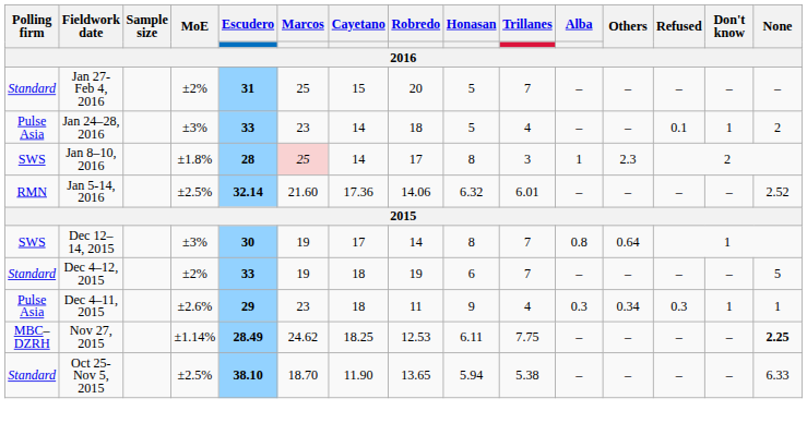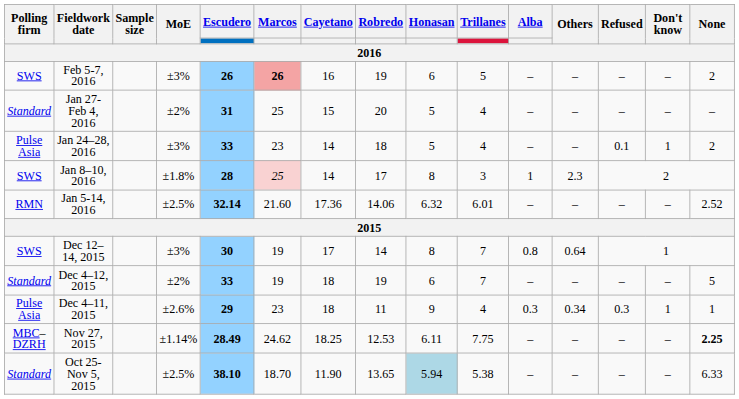 <table class="wikitable" style="text-align:center;font-size:90%;line-height:14px;">
 <tr style="height:40px;">
 <th rowspan="2">Polling firm</th>
 <th rowspan="2">Fieldwork date</th>
 <th rowspan="2">Sample size</th>
 <th rowspan="2"><abbr>MoE</abbr></th>
 <th style="width:50px;"><a href='#'>Escudero</a><br></th>
 <th style="width:50px;"><a href='#'>Marcos</a><br></th>
 <th style="width:50px;"><a href='#'>Cayetano</a><br></th>
 <th style="width:50px;"><a href='#'>Robredo</a><br></th>
 <th style="width:50px;"><a href='#'>Honasan</a><br></th>
 <th style="width:50px;"><a href='#'>Trillanes</a><br></th>
 <th style="width:50px;"><a href='#'>Alba</a><br></th>
 <th rowspan="2" style="width:50px;">Others</th>
 <th rowspan="2" style="width:50px;">Refused</th>
 <th rowspan="2" style="width:50px;">Don't know</th>
 <th rowspan="2" style="width:50px;">None</th>
 </tr>
 <tr>
 <th style="background:#0070C0;"></th>
 <th style="background:"></th>
 <th style="background:"></th>
 <th style="background:"></th>
 <th style="background:"></th>
 <th style="background:#DC143C;"></th>
 <th style="background:"></th>
 </tr>
 <tr>
 <th colspan="15">2016</th>
 </tr>
 <tr>
+<td><a href='#'>SWS</a></td>
+<td>Feb 5-7, 2016</td>
+<td></td>
+<td>±3%</td>
+<td style="background:#93d2ff;"><strong>26</strong></td>
+<td style="background:#f4a4a4;"><strong>26</strong></td>
+<td>16</td>
+<td>19</td>
+<td>6</td>
+<td>5</td>
+<td>–</td>
+<td>–</td>
+<td>–</td>
+<td>–</td>
+<td>2</td>
+</tr>
+<tr>
 <td><em><a href='#'>Standard</a></em></td>
 <td>Jan 27-Feb 4, 2016</td>
 <td></td>
 <td>±2%</td>
 <td style="background:#93d2ff;"><strong>31</strong></td>
 <td>25</td>
 <td>15</td>
 <td>20</td>
 <td>5</td>
-<td>7</td>
+<td>4</td>
 <td>–</td>
 <td>–</td>
 <td>–</td>
 <td>–</td>
 <td>–</td>
 </tr>
 <tr>
 <td><a href='#'>Pulse Asia</a></td>
 <td>Jan 24–28, 2016</td>
 <td></td>
 <td>±3%</td>
 <td style="background:#93d2ff;"><strong>33</strong></td>
 <td>23</td>
 <td>14</td>
 <td>18</td>
 <td>5</td>
 <td>4</td>
 <td>–</td>
 <td>–</td>
 <td>0.1</td>
 <td>1</td>
 <td>2</td>
 </tr>
 <tr>
 <td><a href='#'>SWS</a></td>
 <td>Jan 8–10, 2016</td>
 <td></td>
 <td>±1.8%</td>
 <td style="background:#93d2ff;"><strong>28</strong></td>
 <td style="background:#f9d2d2;"><em>25</em></td>
 <td>14</td>
 <td>17</td>
 <td>8</td>
 <td>3</td>
 <td>1</td>
 <td>2.3</td>
 <td colspan="3">2</td>
 </tr>
 <tr>
 <td><a href='#'>RMN</a></td>
 <td>Jan 5-14, 2016</td>
 <td></td>
 <td>±2.5%</td>
 <td style="background:#93d2ff;"><strong>32.14</strong></td>
 <td>21.60</td>
 <td>17.36</td>
 <td>14.06</td>
 <td>6.32</td>
 <td>6.01</td>
 <td>–</td>
 <td>–</td>
 <td>–</td>
 <td>–</td>
 <td>2.52</td>
 </tr>
 <tr>
 <th colspan="15">2015</th>
 </tr>
 <tr>
 <td><a href='#'>SWS</a></td>
 <td>Dec 12–14, 2015</td>
 <td></td>
 <td>±3%</td>
 <td style="background:#93d2ff;"><strong>30</strong></td>
 <td>19</td>
 <td>17</td>
 <td>14</td>
 <td>8</td>
 <td>7</td>
 <td>0.8</td>
 <td>0.64</td>
 <td colspan="3">1</td>
 </tr>
 <tr>
 <td><em><a href='#'>Standard</a></em></td>
 <td>Dec 4–12, 2015</td>
 <td></td>
 <td>±2%</td>
 <td style="background:#93d2ff;"><strong>33</strong></td>
 <td>19</td>
 <td>18</td>
 <td>19</td>
 <td>6</td>
 <td>7</td>
 <td>–</td>
 <td>–</td>
 <td>–</td>
 <td>–</td>
 <td>5</td>
 </tr>
 <tr>
 <td><a href='#'>Pulse Asia</a></td>
 <td>Dec 4–11, 2015</td>
 <td></td>
 <td>±2.6%</td>
 <td style="background:#93d2ff;"><strong>29</strong></td>
 <td>23</td>
 <td>18</td>
 <td>11</td>
 <td>9</td>
 <td>4</td>
 <td>0.3</td>
 <td>0.34</td>
 <td>0.3</td>
 <td>1</td>
 <td>1</td>
 </tr>
 <tr>
 <td><a href='#'>MBC</a>– <a href='#'>DZRH</a></td>
 <td>Nov 27, 2015</td>
 <td></td>
 <td>±1.14%</td>
 <td style="background:#93d2ff;"><strong>28.49</strong></td>
 <td>24.62</td>
 <td>18.25</td>
 <td>12.53</td>
 <td>6.11</td>
 <td>7.75</td>
 <td>–</td>
 <td>–</td>
 <td>–</td>
 <td>–</td>
 <td><strong>2.25</strong></td>
 </tr>
 <tr>
 <td><em><a href='#'>Standard</a></em></td>
 <td>Oct 25-Nov 5, 2015</td>
 <td></td>
 <td>±2.5%</td>
 <td style="background:#93d2ff;"><strong>38.10</strong></td>
 <td>18.70</td>
 <td>11.90</td>
 <td>13.65</td>
-<td>5.94</td>
+<td style="background: lightblue;">5.94</td>
 <td>5.38</td>
 <td>–</td>
 <td>–</td>
 <td>–</td>
 <td>–</td>
 <td>6.33</td>
 </tr>
 </table>
